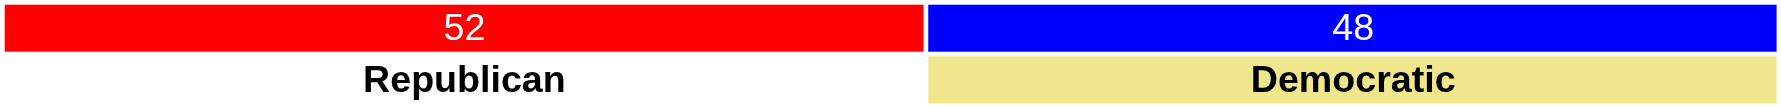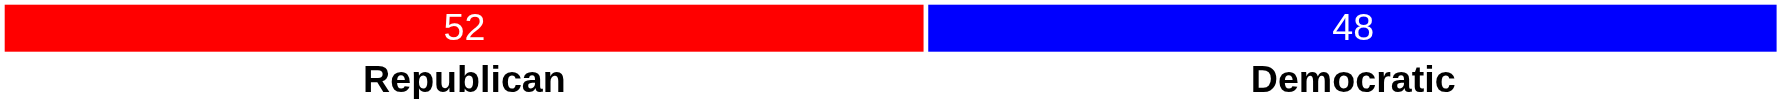 <table style="width:60%; text-align:center;">
 <tr style="color:white;">
 <td style="background:red; width:52.0%;">52</td>
 <td style="background:blue; width:48.0%;">48</td>
 </tr>
 <tr>
 <td><span><strong>Republican</strong></span></td>
-<td style="background: khaki;"><span><strong>Democratic</strong></span></td>
+<td><span><strong>Democratic</strong></span></td>
 </tr>
 </table>
